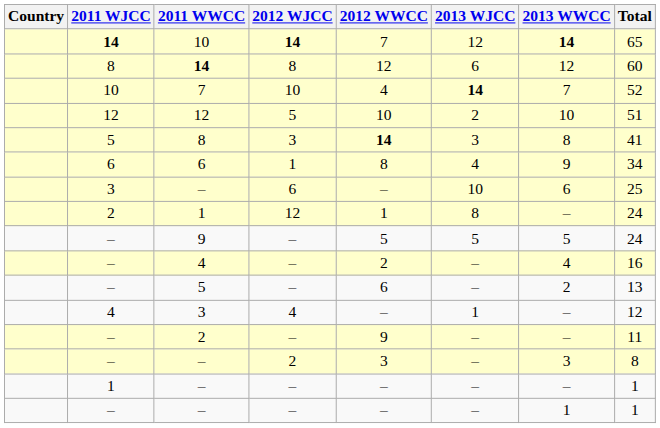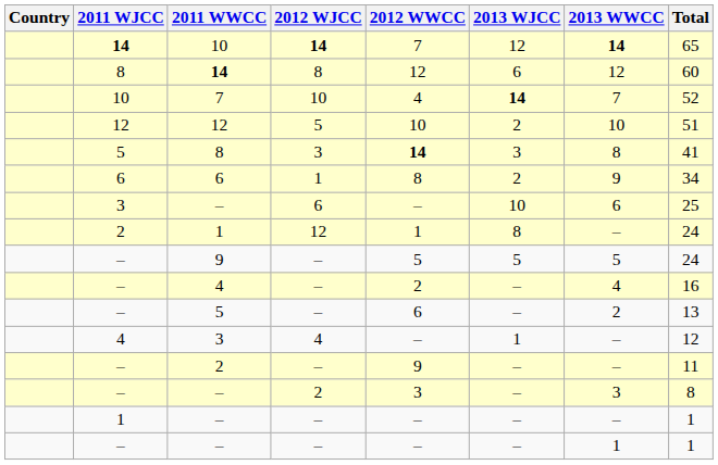 <table class="wikitable sortable" style="text-align:center;">
 <tr>
 <th>Country</th>
 <th><a href='#'>2011 WJCC</a></th>
 <th><a href='#'>2011 WWCC</a></th>
 <th><a href='#'>2012 WJCC</a></th>
 <th><a href='#'>2012 WWCC</a></th>
 <th><a href='#'>2013 WJCC</a></th>
 <th><a href='#'>2013 WWCC</a></th>
 <th>Total</th>
 </tr>
 <tr bgcolor=#ffffcc>
 <td align=left></td>
 <td><strong>14</strong></td>
 <td>10</td>
 <td><strong>14</strong></td>
 <td>7</td>
 <td>12</td>
 <td><strong>14</strong></td>
 <td>65</td>
 </tr>
 <tr bgcolor=#ffffcc>
 <td align=left></td>
 <td>8</td>
 <td><strong>14</strong></td>
 <td>8</td>
 <td>12</td>
 <td>6</td>
 <td>12</td>
 <td>60</td>
 </tr>
 <tr bgcolor=#ffffcc>
 <td align=left></td>
 <td>10</td>
 <td>7</td>
 <td>10</td>
 <td>4</td>
 <td><strong>14</strong></td>
 <td>7</td>
 <td>52</td>
 </tr>
 <tr bgcolor=#ffffcc>
 <td align=left></td>
 <td>12</td>
 <td>12</td>
 <td>5</td>
 <td>10</td>
 <td>2</td>
 <td>10</td>
 <td>51</td>
 </tr>
 <tr bgcolor=#ffffcc>
 <td align=left></td>
 <td>5</td>
 <td>8</td>
 <td>3</td>
 <td><strong>14</strong></td>
 <td>3</td>
 <td>8</td>
 <td>41</td>
 </tr>
 <tr bgcolor=#ffffcc>
 <td align=left></td>
 <td>6</td>
 <td>6</td>
 <td>1</td>
 <td>8</td>
-<td>4</td>
+<td>2</td>
 <td>9</td>
 <td>34</td>
 </tr>
 <tr bgcolor=#ffffcc>
 <td align=left></td>
 <td>3</td>
 <td>–</td>
 <td>6</td>
 <td>–</td>
 <td>10</td>
 <td>6</td>
 <td>25</td>
 </tr>
 <tr bgcolor=#ffffcc>
 <td align=left></td>
 <td>2</td>
 <td>1</td>
 <td>12</td>
 <td>1</td>
 <td>8</td>
 <td>–</td>
 <td>24</td>
 </tr>
 <tr>
 <td align=left></td>
 <td>–</td>
 <td>9</td>
 <td>–</td>
 <td>5</td>
 <td>5</td>
 <td>5</td>
 <td>24</td>
 </tr>
 <tr bgcolor=#ffffcc>
 <td align=left></td>
 <td>–</td>
 <td>4</td>
 <td>–</td>
 <td>2</td>
 <td>–</td>
 <td>4</td>
 <td>16</td>
 </tr>
 <tr>
 <td align=left></td>
 <td>–</td>
 <td>5</td>
 <td>–</td>
 <td>6</td>
 <td>–</td>
 <td>2</td>
 <td>13</td>
 </tr>
 <tr>
 <td align=left></td>
 <td>4</td>
 <td>3</td>
 <td>4</td>
 <td>–</td>
 <td>1</td>
 <td>–</td>
 <td>12</td>
 </tr>
 <tr bgcolor=#ffffcc>
 <td align=left></td>
 <td>–</td>
 <td>2</td>
 <td>–</td>
 <td>9</td>
 <td>–</td>
 <td>–</td>
 <td>11</td>
 </tr>
 <tr bgcolor=#ffffcc>
 <td align=left></td>
 <td>–</td>
 <td>–</td>
 <td>2</td>
 <td>3</td>
 <td>–</td>
 <td>3</td>
 <td>8</td>
 </tr>
 <tr>
 <td align=left></td>
 <td>1</td>
 <td>–</td>
 <td>–</td>
 <td>–</td>
 <td>–</td>
 <td>–</td>
 <td>1</td>
 </tr>
 <tr>
 <td align=left></td>
 <td>–</td>
 <td>–</td>
 <td>–</td>
 <td>–</td>
 <td>–</td>
 <td>1</td>
 <td>1</td>
 </tr>
 </table>
